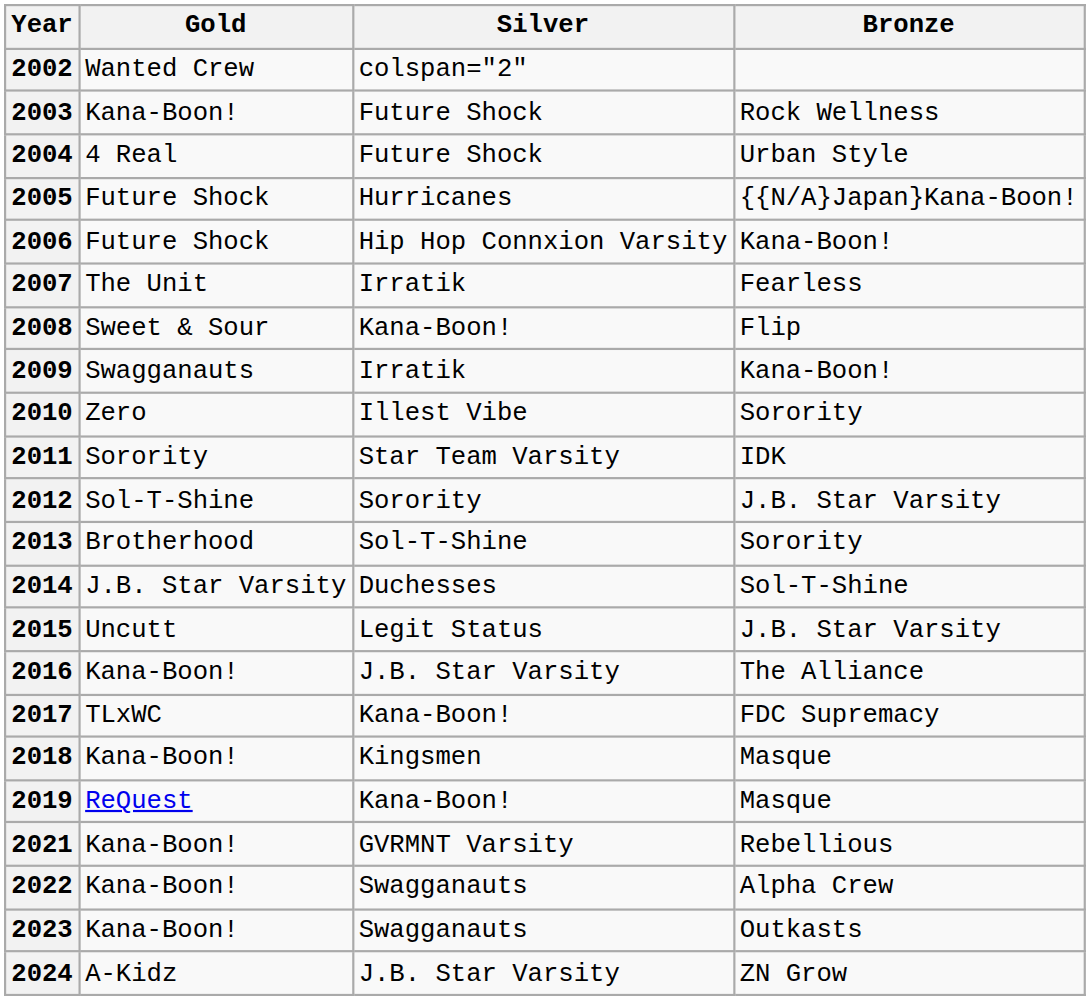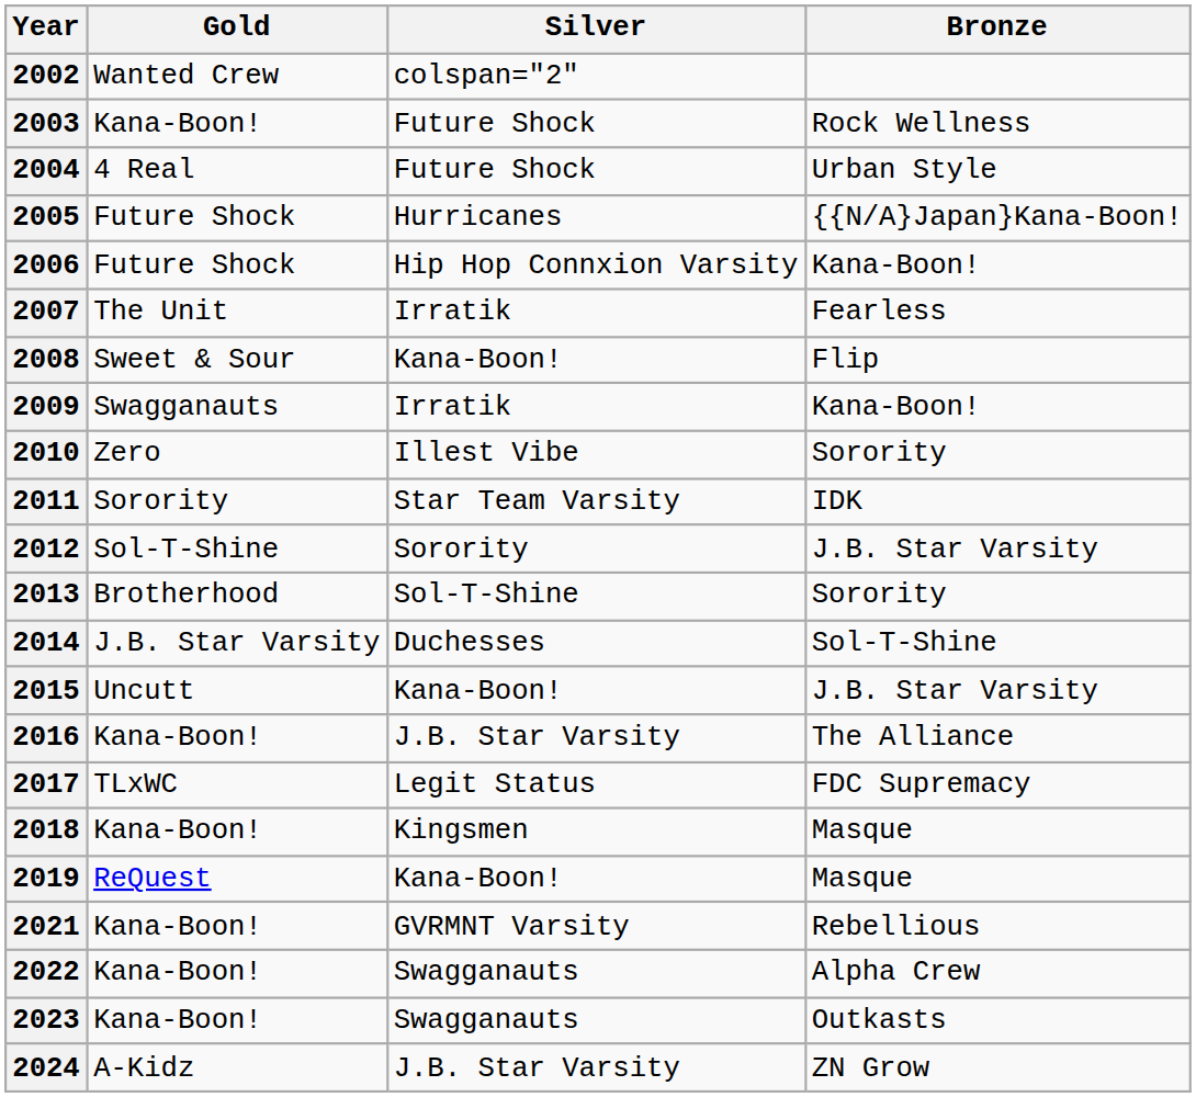 <table class="wikitable sortable plainrowheaders" style="text-align:left; font-size:90%;">
 <tr>
 <th scope="col">Year</th>
 <th scope="col"> <strong>Gold</strong></th>
 <th scope="col"> <strong>Silver</strong></th>
 <th scope="col"> <strong>Bronze</strong></th>
 </tr>
 <tr>
 <th>2002</th>
 <td> Wanted Crew</td>
 <td>colspan="2" </td>
 </tr>
 <tr>
 <th>2003</th>
 <td> Kana-Boon!</td>
 <td> Future Shock</td>
 <td> Rock Wellness</td>
 </tr>
 <tr>
 <th>2004</th>
 <td> 4 Real</td>
 <td> Future Shock</td>
 <td> Urban Style</td>
 </tr>
 <tr>
 <th>2005</th>
 <td> Future Shock</td>
 <td> Hurricanes</td>
 <td>{{N/A}Japan}Kana-Boon!</td>
 </tr>
 <tr>
 <th>2006</th>
 <td> Future Shock</td>
 <td> Hip Hop Connxion Varsity</td>
 <td> Kana-Boon!</td>
 </tr>
 <tr>
 <th>2007</th>
 <td> The Unit</td>
 <td> Irratik</td>
 <td> Fearless</td>
 </tr>
 <tr>
 <th>2008</th>
 <td> Sweet & Sour</td>
 <td> Kana-Boon!</td>
 <td> Flip</td>
 </tr>
 <tr>
 <th>2009</th>
 <td> Swagganauts</td>
 <td> Irratik</td>
 <td> Kana-Boon!</td>
 </tr>
 <tr>
 <th>2010</th>
 <td> Zero</td>
 <td> Illest Vibe</td>
 <td> Sorority</td>
 </tr>
 <tr>
 <th>2011</th>
 <td> Sorority</td>
 <td> Star Team Varsity</td>
 <td> IDK</td>
 </tr>
 <tr>
 <th>2012</th>
 <td> Sol-T-Shine</td>
 <td> Sorority</td>
 <td> J.B. Star Varsity</td>
 </tr>
 <tr>
 <th>2013</th>
 <td> Brotherhood</td>
 <td> Sol-T-Shine</td>
 <td> Sorority</td>
 </tr>
 <tr>
 <th>2014</th>
 <td> J.B. Star Varsity</td>
 <td> Duchesses</td>
 <td> Sol-T-Shine</td>
 </tr>
 <tr>
 <th>2015</th>
 <td> Uncutt</td>
-<td> Legit Status</td>
+<td> Kana-Boon!</td>
 <td> J.B. Star Varsity</td>
 </tr>
 <tr>
 <th>2016</th>
 <td> Kana-Boon!</td>
 <td> J.B. Star Varsity</td>
 <td> The Alliance</td>
 </tr>
 <tr>
 <th>2017</th>
 <td> TLxWC</td>
-<td> Kana-Boon!</td>
+<td> Legit Status</td>
 <td> FDC Supremacy</td>
 </tr>
 <tr>
 <th>2018</th>
 <td> Kana-Boon!</td>
 <td> Kingsmen</td>
 <td> Masque</td>
 </tr>
 <tr>
 <th>2019</th>
 <td> <a href='#'>ReQuest</a></td>
 <td> Kana-Boon!</td>
 <td> Masque</td>
 </tr>
 <tr>
 <th>2021</th>
 <td> Kana-Boon!</td>
 <td> GVRMNT Varsity</td>
 <td> Rebellious</td>
 </tr>
 <tr>
 <th>2022</th>
 <td> Kana-Boon!</td>
 <td> Swagganauts</td>
 <td> Alpha Crew</td>
 </tr>
 <tr>
 <th>2023</th>
 <td> Kana-Boon!</td>
 <td> Swagganauts</td>
 <td> Outkasts</td>
 </tr>
 <tr>
 <th>2024</th>
 <td> A-Kidz</td>
 <td> J.B. Star Varsity</td>
 <td> ZN Grow</td>
 </tr>
 </table>
